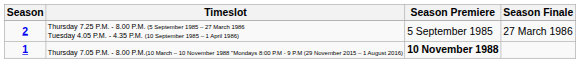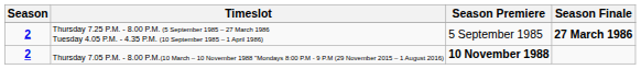 <table class="wikitable">
 <tr>
 <th>Season</th>
 <th>Timeslot</th>
 <th>Season Premiere</th>
 <th>Season Finale</th>
 </tr>
 <tr>
 </tr>
 <tr style="background-color:#F9F9F9">
 <th style="background:#F9F9F9;text-align:center"><strong><a href='#'>2</a></strong></th>
 <th style="background:#F9F9F9;font-size:11px;font-weight:normal;text-align:left;line-height:110%">Thursday 7.25 P.M. - 8.00 P.M. <small>(5 September 1985 – 27 March 1986</small><br>Tuesday 4.05 P.M. - 4.35 P.M. <small>(10 September 1985 – 1 April 1986)</small></th>
 <td>5 September 1985</td>
-<td>27 March 1986</td>
+<td><strong>27 March 1986</strong></td>
 </tr>
 <tr style="background-color:#F9F9F9">
-<th style="background:#F9F9F9;text-align:center"><strong><a href='#'>1</a></strong></th>
+<th style="background:#F9F9F9;text-align:center"><strong><a href='#'>2</a></strong></th>
 <th style="background:#F9F9F9;font-size:11px;font-weight:normal;text-align:left;line-height:90%"><br>Thursday 7.05 P.M. - 8.00 P.M.<small>(10 March – 10 November 1988 </small> <small>"Mondays 8:00 P.M - 9 P.M (29 November 2015 – 1 August 2016)</small></th>
 <td><strong>10 November 1988</strong></td>
 <td></td>
 </tr>
 </table>
